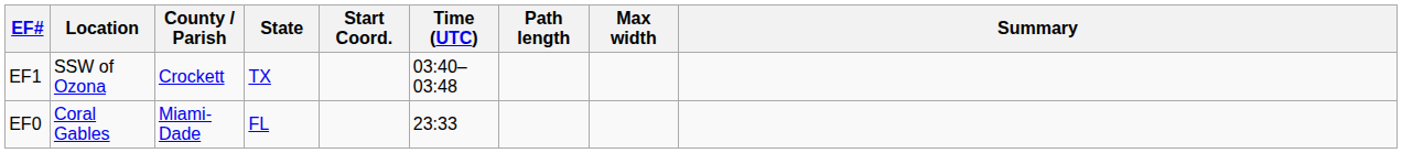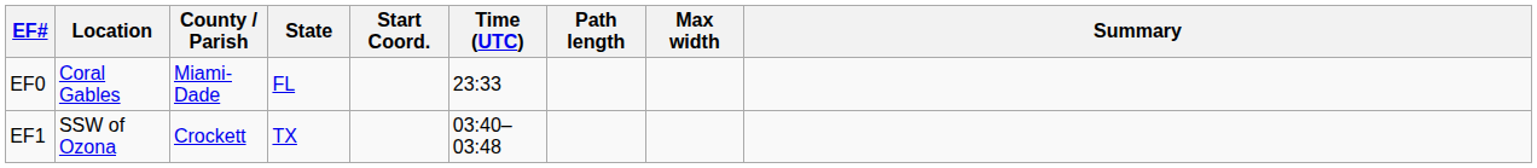 <table class="wikitable sortable" style="width:100%;">
 <tr>
 <th scope="col"  style="width:3%; text-align:center;"><a href='#'>EF#</a></th>
 <th scope="col"  style="width:7%; text-align:center;" class="unsortable">Location</th>
 <th scope="col"  style="width:6%; text-align:center;" class="unsortable">County / Parish</th>
 <th scope="col"  style="width:5%; text-align:center;">State</th>
 <th scope="col"  style="width:6%; text-align:center;">Start Coord.</th>
 <th scope="col"  style="width:6%; text-align:center;">Time (<a href='#'>UTC</a>)</th>
 <th scope="col"  style="width:6%; text-align:center;">Path length</th>
 <th scope="col"  style="width:6%; text-align:center;">Max width</th>
 <th scope="col" class="unsortable" style="width:48%; text-align:center;">Summary</th>
 </tr>
 <tr>
+<td>EF0</td>
+<td><a href='#'>Coral Gables</a></td>
+<td><a href='#'>Miami-Dade</a></td>
+<td><a href='#'>FL</a></td>
+<td></td>
+<td>23:33</td>
+<td></td>
+<td></td>
+<td></td>
+</tr>
+<tr>
 <td>EF1</td>
 <td>SSW of <a href='#'>Ozona</a></td>
 <td><a href='#'>Crockett</a></td>
 <td><a href='#'>TX</a></td>
 <td></td>
 <td>03:40–03:48</td>
 <td></td>
 <td></td>
 <td></td>
 </tr>
 <tr>
-<td>EF0</td>
-<td><a href='#'>Coral Gables</a></td>
-<td><a href='#'>Miami-Dade</a></td>
-<td><a href='#'>FL</a></td>
-<td></td>
-<td>23:33</td>
-<td></td>
-<td></td>
-<td></td>
-</tr>
-<tr>
 </tr>
 </table>
